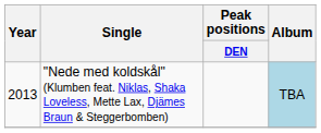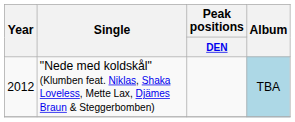 <table class="wikitable">
 <tr>
 <th align="center" rowspan="2" width="10">Year</th>
 <th align="center" rowspan="2" width="190">Single</th>
 <th align="center" colspan="1">Peak <br>positions</th>
 <th align="center" rowspan="2" width="40">Album</th>
 </tr>
 <tr>
 <th width="20"><small><a href='#'>DEN</a></small><br></th>
 </tr>
 <tr>
-<td rowspan=1>2013</td>
+<td rowspan=1>2012</td>
 <td>"Nede med koldskål"<br><small>(Klumben feat. <a href='#'>Niklas</a>, <a href='#'>Shaka Loveless</a>, Mette Lax, <a href='#'>Djämes Braun</a> & Steggerbomben)</small></td>
 <td align="center"></td>
 <td align="center" style="background: lightblue;">TBA</td>
 </tr>
 <tr>
 </tr>
 </table>
